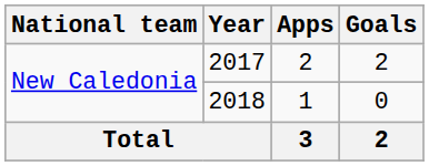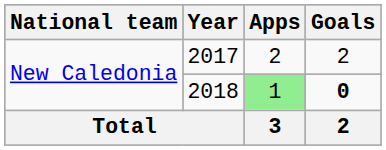 <table class="wikitable" style="text-align:center">
 <tr>
 <th>National team</th>
 <th>Year</th>
 <th>Apps</th>
 <th>Goals</th>
 </tr>
 <tr>
 <td rowspan="2"><a href='#'>New Caledonia</a></td>
 <td>2017</td>
 <td>2</td>
 <td>2</td>
 </tr>
 <tr>
 <td>2018</td>
-<td>1</td>
-<td>0</td>
+<td style="background: lightgreen;">1</td>
+<td><strong>0</strong></td>
 </tr>
 <tr>
 <th colspan=2>Total</th>
 <th>3</th>
 <th>2</th>
 </tr>
 </table>
